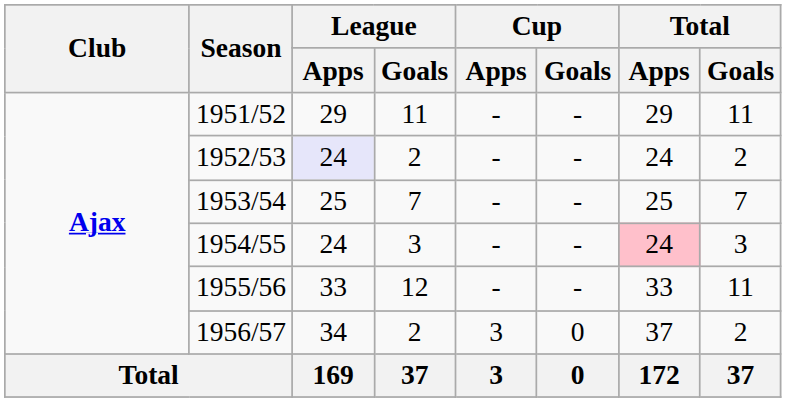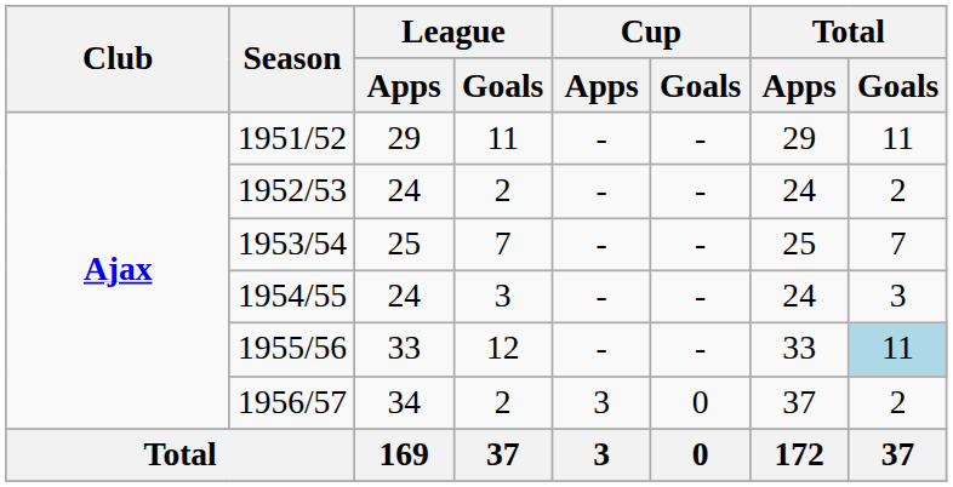 <table class="wikitable" style="font-size:100%; text-align: center;">
 <tr>
 <th rowspan="2" width="100">Club</th>
 <th rowspan="2">Season</th>
 <th colspan="2">League</th>
 <th colspan="2">Cup</th>
 <th colspan="2">Total</th>
 </tr>
 <tr>
 <th width="40">Apps</th>
 <th width="40">Goals</th>
 <th width="40">Apps</th>
 <th width="40">Goals</th>
 <th width="40">Apps</th>
 <th width="40">Goals</th>
 </tr>
 <tr>
 <td rowspan="6"><strong><a href='#'>Ajax</a></strong></td>
 <td>1951/52</td>
 <td>29</td>
 <td>11</td>
 <td>-</td>
 <td>-</td>
 <td>29</td>
 <td>11</td>
 </tr>
 <tr>
 <td>1952/53</td>
-<td style="background: lavender;">24</td>
+<td>24</td>
 <td>2</td>
 <td>-</td>
 <td>-</td>
 <td>24</td>
 <td>2</td>
 </tr>
 <tr>
 <td>1953/54</td>
 <td>25</td>
 <td>7</td>
 <td>-</td>
 <td>-</td>
 <td>25</td>
 <td>7</td>
 </tr>
 <tr>
 <td>1954/55</td>
 <td>24</td>
 <td>3</td>
 <td>-</td>
 <td>-</td>
-<td style="background: pink;">24</td>
+<td>24</td>
 <td>3</td>
 </tr>
 <tr>
 <td>1955/56</td>
 <td>33</td>
 <td>12</td>
 <td>-</td>
 <td>-</td>
 <td>33</td>
-<td>11</td>
+<td style="background: lightblue;">11</td>
 </tr>
 <tr>
 <td>1956/57</td>
 <td>34</td>
 <td>2</td>
 <td>3</td>
 <td>0</td>
 <td>37</td>
 <td>2</td>
 </tr>
 <tr>
 <th colspan="2">Total</th>
 <th>169</th>
 <th>37</th>
 <th>3</th>
 <th>0</th>
 <th>172</th>
 <th>37</th>
 </tr>
 </table>
